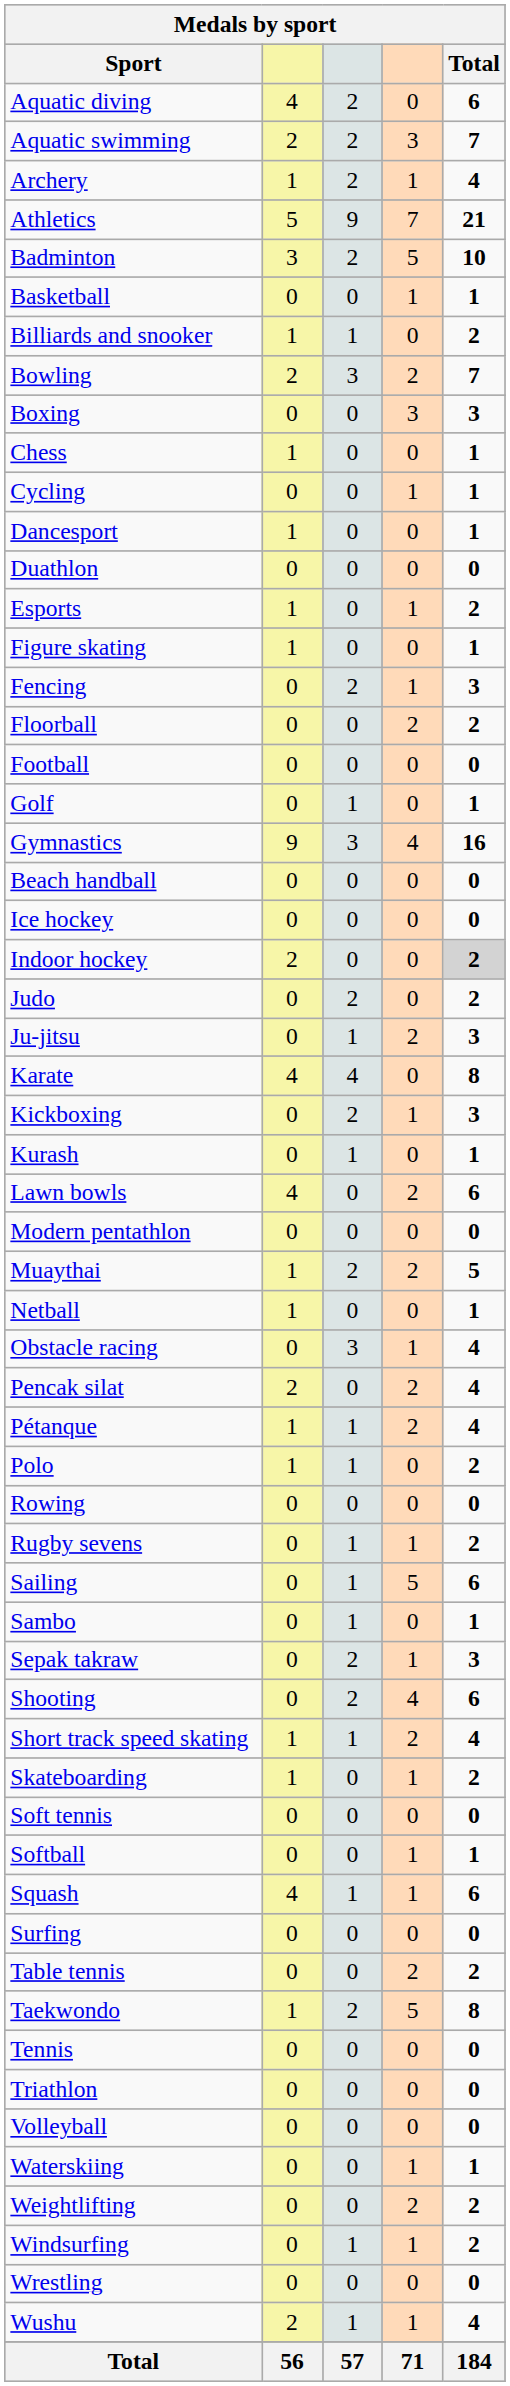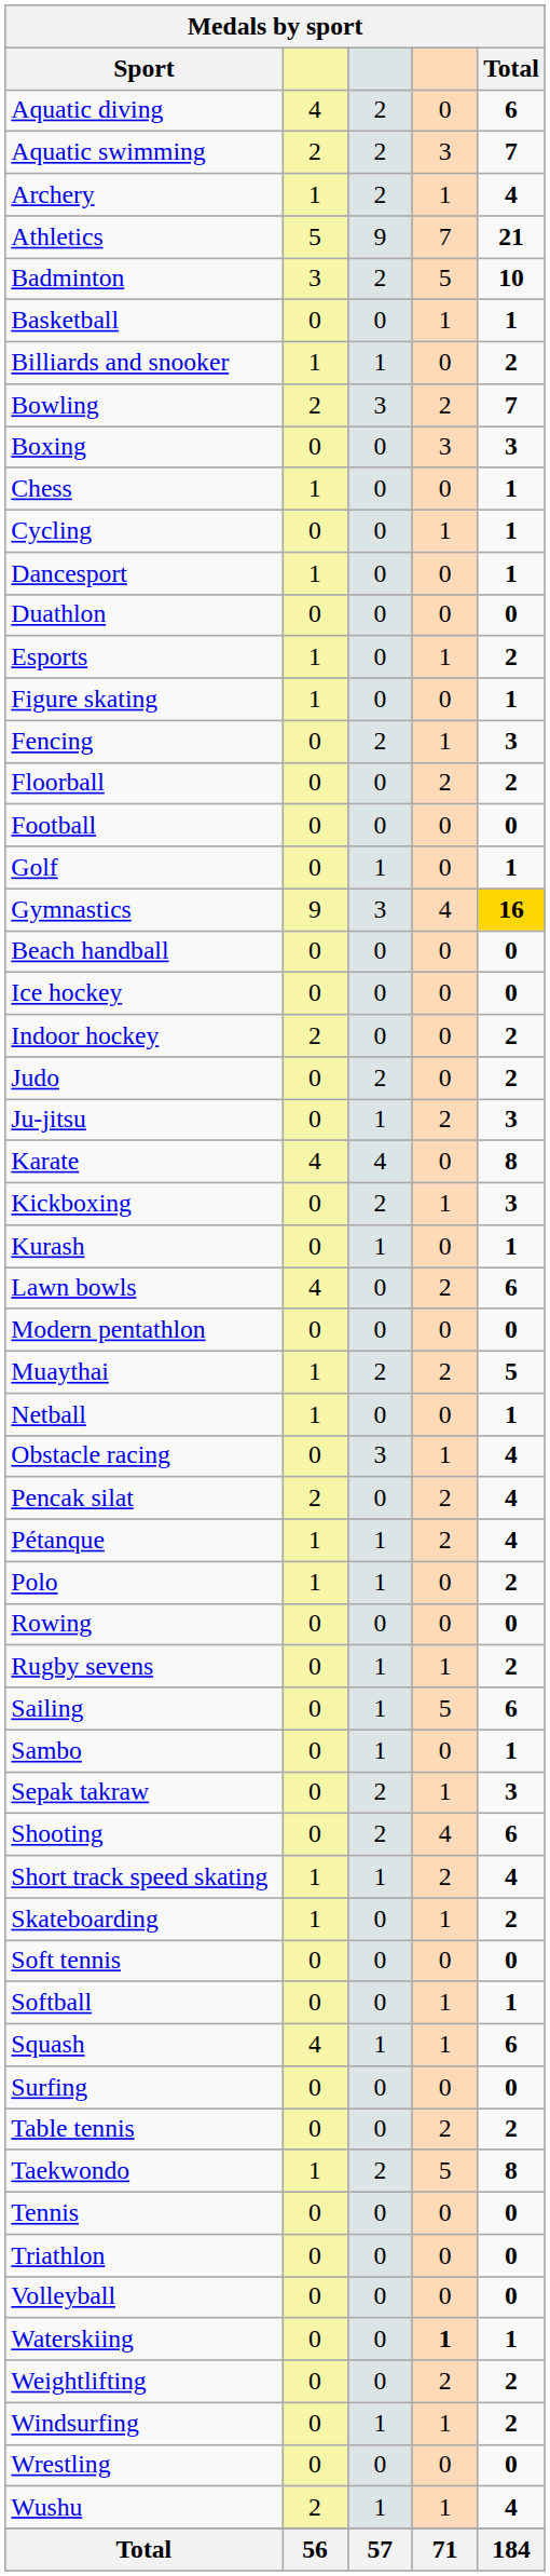 <table class="wikitable sortable" style="font-size:90%; text-align:center;">
 <tr>
 <th colspan=5>Medals by sport</th>
 </tr>
 <tr>
 <th width=150>Sport</th>
 <th scope="col" width=30 style="background:#F7F6A8;"></th>
 <th scope="col" width=30 style="background:#DCE5E5;"></th>
 <th scope="col" width=30 style="background:#FFDAB9;"></th>
 <th width=30>Total</th>
 </tr>
 <tr>
 <td align=left><a href='#'>Aquatic diving</a></td>
 <td style="background:#F7F6A8;">4</td>
 <td style="background:#DCE5E5;">2</td>
 <td style="background:#FFDAB9;">0</td>
 <td><strong>6</strong></td>
 </tr>
 <tr>
 <td align=left><a href='#'>Aquatic swimming</a></td>
 <td style="background:#F7F6A8;">2</td>
 <td style="background:#DCE5E5;">2</td>
 <td style="background:#FFDAB9;">3</td>
 <td><strong>7</strong></td>
 </tr>
 <tr>
 <td align=left><a href='#'>Archery</a></td>
 <td style="background:#F7F6A8;">1</td>
 <td style="background:#DCE5E5;">2</td>
 <td style="background:#FFDAB9;">1</td>
 <td><strong>4</strong></td>
 </tr>
 <tr>
 <td align=left><a href='#'>Athletics</a></td>
 <td style="background:#F7F6A8;">5</td>
 <td style="background:#DCE5E5;">9</td>
 <td style="background:#FFDAB9;">7</td>
 <td><strong>21</strong></td>
 </tr>
 <tr>
 <td align=left><a href='#'>Badminton</a></td>
 <td style="background:#F7F6A8;">3</td>
 <td style="background:#DCE5E5;">2</td>
 <td style="background:#FFDAB9;">5</td>
 <td><strong>10</strong></td>
 </tr>
 <tr>
 <td align=left><a href='#'>Basketball</a></td>
 <td style="background:#F7F6A8;">0</td>
 <td style="background:#DCE5E5;">0</td>
 <td style="background:#FFDAB9;">1</td>
 <td><strong>1</strong></td>
 </tr>
 <tr>
 <td align=left><a href='#'>Billiards and snooker</a></td>
 <td style="background:#F7F6A8;">1</td>
 <td style="background:#DCE5E5;">1</td>
 <td style="background:#FFDAB9;">0</td>
 <td><strong>2</strong></td>
 </tr>
 <tr>
 <td align=left><a href='#'>Bowling</a></td>
 <td style="background:#F7F6A8;">2</td>
 <td style="background:#DCE5E5;">3</td>
 <td style="background:#FFDAB9;">2</td>
 <td><strong>7</strong></td>
 </tr>
 <tr>
 <td align=left><a href='#'>Boxing</a></td>
 <td style="background:#F7F6A8;">0</td>
 <td style="background:#DCE5E5;">0</td>
 <td style="background:#FFDAB9;">3</td>
 <td><strong>3</strong></td>
 </tr>
 <tr>
 <td align=left><a href='#'>Chess</a></td>
 <td style="background:#F7F6A8;">1</td>
 <td style="background:#DCE5E5;">0</td>
 <td style="background:#FFDAB9;">0</td>
 <td><strong>1</strong></td>
 </tr>
 <tr>
 <td align=left><a href='#'>Cycling</a></td>
 <td style="background:#F7F6A8;">0</td>
 <td style="background:#DCE5E5;">0</td>
 <td style="background:#FFDAB9;">1</td>
 <td><strong>1</strong></td>
 </tr>
 <tr>
 <td align=left><a href='#'>Dancesport</a></td>
 <td style="background:#F7F6A8;">1</td>
 <td style="background:#DCE5E5;">0</td>
 <td style="background:#FFDAB9;">0</td>
 <td><strong>1</strong></td>
 </tr>
 <tr>
 <td align=left><a href='#'>Duathlon</a></td>
 <td style="background:#F7F6A8;">0</td>
 <td style="background:#DCE5E5;">0</td>
 <td style="background:#FFDAB9;">0</td>
 <td><strong>0</strong></td>
 </tr>
 <tr>
 <td align=left><a href='#'>Esports</a></td>
 <td style="background:#F7F6A8;">1</td>
 <td style="background:#DCE5E5;">0</td>
 <td style="background:#FFDAB9;">1</td>
 <td><strong>2</strong></td>
 </tr>
 <tr>
 <td align=left><a href='#'>Figure skating</a></td>
 <td style="background:#F7F6A8;">1</td>
 <td style="background:#DCE5E5;">0</td>
 <td style="background:#FFDAB9;">0</td>
 <td><strong>1</strong></td>
 </tr>
 <tr>
 <td align=left><a href='#'>Fencing</a></td>
 <td style="background:#F7F6A8;">0</td>
 <td style="background:#DCE5E5;">2</td>
 <td style="background:#FFDAB9;">1</td>
 <td><strong>3</strong></td>
 </tr>
 <tr>
 <td align=left><a href='#'>Floorball</a></td>
 <td style="background:#F7F6A8;">0</td>
 <td style="background:#DCE5E5;">0</td>
 <td style="background:#FFDAB9;">2</td>
 <td><strong>2</strong></td>
 </tr>
 <tr>
 <td align=left><a href='#'>Football</a></td>
 <td style="background:#F7F6A8;">0</td>
 <td style="background:#DCE5E5;">0</td>
 <td style="background:#FFDAB9;">0</td>
 <td><strong>0</strong></td>
 </tr>
 <tr>
 <td align=left><a href='#'>Golf</a></td>
 <td style="background:#F7F6A8;">0</td>
 <td style="background:#DCE5E5;">1</td>
 <td style="background:#FFDAB9;">0</td>
 <td><strong>1</strong></td>
 </tr>
 <tr>
 <td align=left><a href='#'>Gymnastics</a></td>
 <td style="background:#F7F6A8;">9</td>
 <td style="background:#DCE5E5;">3</td>
 <td style="background:#FFDAB9;">4</td>
-<td><strong>16</strong></td>
+<td style="background: gold;"><strong>16</strong></td>
 </tr>
 <tr>
 <td align=left><a href='#'>Beach handball</a></td>
 <td style="background:#F7F6A8;">0</td>
 <td style="background:#DCE5E5;">0</td>
 <td style="background:#FFDAB9;">0</td>
 <td><strong>0</strong></td>
 </tr>
 <tr>
 <td align=left><a href='#'>Ice hockey</a></td>
 <td style="background:#F7F6A8;">0</td>
 <td style="background:#DCE5E5;">0</td>
 <td style="background:#FFDAB9;">0</td>
 <td><strong>0</strong></td>
 </tr>
 <tr>
 <td align=left><a href='#'>Indoor hockey</a></td>
 <td style="background:#F7F6A8;">2</td>
 <td style="background:#DCE5E5;">0</td>
 <td style="background:#FFDAB9;">0</td>
-<td style="background: lightgrey;"><strong>2</strong></td>
+<td><strong>2</strong></td>
 </tr>
 <tr>
 <td align=left><a href='#'>Judo</a></td>
 <td style="background:#F7F6A8;">0</td>
 <td style="background:#DCE5E5;">2</td>
 <td style="background:#FFDAB9;">0</td>
 <td><strong>2</strong></td>
 </tr>
 <tr>
 <td align=left><a href='#'>Ju-jitsu</a></td>
 <td style="background:#F7F6A8;">0</td>
 <td style="background:#DCE5E5;">1</td>
 <td style="background:#FFDAB9;">2</td>
 <td><strong>3</strong></td>
 </tr>
 <tr>
 <td align=left><a href='#'>Karate</a></td>
 <td style="background:#F7F6A8;">4</td>
 <td style="background:#DCE5E5;">4</td>
 <td style="background:#FFDAB9;">0</td>
 <td><strong>8</strong></td>
 </tr>
 <tr>
 <td align=left><a href='#'>Kickboxing</a></td>
 <td style="background:#F7F6A8;">0</td>
 <td style="background:#DCE5E5;">2</td>
 <td style="background:#FFDAB9;">1</td>
 <td><strong>3</strong></td>
 </tr>
 <tr>
 <td align=left><a href='#'>Kurash</a></td>
 <td style="background:#F7F6A8;">0</td>
 <td style="background:#DCE5E5;">1</td>
 <td style="background:#FFDAB9;">0</td>
 <td><strong>1</strong></td>
 </tr>
 <tr>
 <td align=left><a href='#'>Lawn bowls</a></td>
 <td style="background:#F7F6A8;">4</td>
 <td style="background:#DCE5E5;">0</td>
 <td style="background:#FFDAB9;">2</td>
 <td><strong>6</strong></td>
 </tr>
 <tr>
 <td align=left><a href='#'>Modern pentathlon</a></td>
 <td style="background:#F7F6A8;">0</td>
 <td style="background:#DCE5E5;">0</td>
 <td style="background:#FFDAB9;">0</td>
 <td><strong>0</strong></td>
 </tr>
 <tr>
 <td align=left><a href='#'>Muaythai</a></td>
 <td style="background:#F7F6A8;">1</td>
 <td style="background:#DCE5E5;">2</td>
 <td style="background:#FFDAB9;">2</td>
 <td><strong>5</strong></td>
 </tr>
 <tr>
 <td align=left><a href='#'>Netball</a></td>
 <td style="background:#F7F6A8;">1</td>
 <td style="background:#DCE5E5;">0</td>
 <td style="background:#FFDAB9;">0</td>
 <td><strong>1</strong></td>
 </tr>
 <tr>
 <td align=left><a href='#'>Obstacle racing</a></td>
 <td style="background:#F7F6A8;">0</td>
 <td style="background:#DCE5E5;">3</td>
 <td style="background:#FFDAB9;">1</td>
 <td><strong>4</strong></td>
 </tr>
 <tr>
 <td align=left><a href='#'>Pencak silat</a></td>
 <td style="background:#F7F6A8;">2</td>
 <td style="background:#DCE5E5;">0</td>
 <td style="background:#FFDAB9;">2</td>
 <td><strong>4</strong></td>
 </tr>
 <tr>
 <td align=left><a href='#'>Pétanque</a></td>
 <td style="background:#F7F6A8;">1</td>
 <td style="background:#DCE5E5;">1</td>
 <td style="background:#FFDAB9;">2</td>
 <td><strong>4</strong></td>
 </tr>
 <tr>
 <td align=left><a href='#'>Polo</a></td>
 <td style="background:#F7F6A8;">1</td>
 <td style="background:#DCE5E5;">1</td>
 <td style="background:#FFDAB9;">0</td>
 <td><strong>2</strong></td>
 </tr>
 <tr>
 <td align=left><a href='#'>Rowing</a></td>
 <td style="background:#F7F6A8;">0</td>
 <td style="background:#DCE5E5;">0</td>
 <td style="background:#FFDAB9;">0</td>
 <td><strong>0</strong></td>
 </tr>
 <tr>
 <td align=left><a href='#'>Rugby sevens</a></td>
 <td style="background:#F7F6A8;">0</td>
 <td style="background:#DCE5E5;">1</td>
 <td style="background:#FFDAB9;">1</td>
 <td><strong>2</strong></td>
 </tr>
 <tr>
 <td align=left><a href='#'>Sailing</a></td>
 <td style="background:#F7F6A8;">0</td>
 <td style="background:#DCE5E5;">1</td>
 <td style="background:#FFDAB9;">5</td>
 <td><strong>6</strong></td>
 </tr>
 <tr>
 <td align=left><a href='#'>Sambo</a></td>
 <td style="background:#F7F6A8;">0</td>
 <td style="background:#DCE5E5;">1</td>
 <td style="background:#FFDAB9;">0</td>
 <td><strong>1</strong></td>
 </tr>
 <tr>
 <td align=left><a href='#'>Sepak takraw</a></td>
 <td style="background:#F7F6A8;">0</td>
 <td style="background:#DCE5E5;">2</td>
 <td style="background:#FFDAB9;">1</td>
 <td><strong>3</strong></td>
 </tr>
 <tr>
 <td align=left><a href='#'>Shooting</a></td>
 <td style="background:#F7F6A8;">0</td>
 <td style="background:#DCE5E5;">2</td>
 <td style="background:#FFDAB9;">4</td>
 <td><strong>6</strong></td>
 </tr>
 <tr>
 <td align=left><a href='#'>Short track speed skating</a></td>
 <td style="background:#F7F6A8;">1</td>
 <td style="background:#DCE5E5;">1</td>
 <td style="background:#FFDAB9;">2</td>
 <td><strong>4</strong></td>
 </tr>
 <tr>
 <td align=left><a href='#'>Skateboarding</a></td>
 <td style="background:#F7F6A8;">1</td>
 <td style="background:#DCE5E5;">0</td>
 <td style="background:#FFDAB9;">1</td>
 <td><strong>2</strong></td>
 </tr>
 <tr>
 <td align=left><a href='#'>Soft tennis</a></td>
 <td style="background:#F7F6A8;">0</td>
 <td style="background:#DCE5E5;">0</td>
 <td style="background:#FFDAB9;">0</td>
 <td><strong>0</strong></td>
 </tr>
 <tr>
 <td align=left><a href='#'>Softball</a></td>
 <td style="background:#F7F6A8;">0</td>
 <td style="background:#DCE5E5;">0</td>
 <td style="background:#FFDAB9;">1</td>
 <td><strong>1</strong></td>
 </tr>
 <tr>
 <td align=left><a href='#'>Squash</a></td>
 <td style="background:#F7F6A8;">4</td>
 <td style="background:#DCE5E5;">1</td>
 <td style="background:#FFDAB9;">1</td>
 <td><strong>6</strong></td>
 </tr>
 <tr>
 <td align=left><a href='#'>Surfing</a></td>
 <td style="background:#F7F6A8;">0</td>
 <td style="background:#DCE5E5;">0</td>
 <td style="background:#FFDAB9;">0</td>
 <td><strong>0</strong></td>
 </tr>
 <tr>
 <td align=left><a href='#'>Table tennis</a></td>
 <td style="background:#F7F6A8;">0</td>
 <td style="background:#DCE5E5;">0</td>
 <td style="background:#FFDAB9;">2</td>
 <td><strong>2</strong></td>
 </tr>
 <tr>
 <td align=left><a href='#'>Taekwondo</a></td>
 <td style="background:#F7F6A8;">1</td>
 <td style="background:#DCE5E5;">2</td>
 <td style="background:#FFDAB9;">5</td>
 <td><strong>8</strong></td>
 </tr>
 <tr>
 <td align=left><a href='#'>Tennis</a></td>
 <td style="background:#F7F6A8;">0</td>
 <td style="background:#DCE5E5;">0</td>
 <td style="background:#FFDAB9;">0</td>
 <td><strong>0</strong></td>
 </tr>
 <tr>
 <td align=left><a href='#'>Triathlon</a></td>
 <td style="background:#F7F6A8;">0</td>
 <td style="background:#DCE5E5;">0</td>
 <td style="background:#FFDAB9;">0</td>
 <td><strong>0</strong></td>
 </tr>
 <tr>
 <td align=left><a href='#'>Volleyball</a></td>
 <td style="background:#F7F6A8;">0</td>
 <td style="background:#DCE5E5;">0</td>
 <td style="background:#FFDAB9;">0</td>
 <td><strong>0</strong></td>
 </tr>
 <tr>
 <td align=left><a href='#'>Waterskiing</a></td>
 <td style="background:#F7F6A8;">0</td>
 <td style="background:#DCE5E5;">0</td>
-<td style="background:#FFDAB9;">1</td>
+<td style="background:#FFDAB9;"><strong>1</strong></td>
 <td><strong>1</strong></td>
 </tr>
 <tr>
 <td align=left><a href='#'>Weightlifting</a></td>
 <td style="background:#F7F6A8;">0</td>
 <td style="background:#DCE5E5;">0</td>
 <td style="background:#FFDAB9;">2</td>
 <td><strong>2</strong></td>
 </tr>
 <tr>
 <td align=left><a href='#'>Windsurfing</a></td>
 <td style="background:#F7F6A8;">0</td>
 <td style="background:#DCE5E5;">1</td>
 <td style="background:#FFDAB9;">1</td>
 <td><strong>2</strong></td>
 </tr>
 <tr>
 <td align=left><a href='#'>Wrestling</a></td>
 <td style="background:#F7F6A8;">0</td>
 <td style="background:#DCE5E5;">0</td>
 <td style="background:#FFDAB9;">0</td>
 <td><strong>0</strong></td>
 </tr>
 <tr>
 <td align=left><a href='#'>Wushu</a></td>
 <td style="background:#F7F6A8;">2</td>
 <td style="background:#DCE5E5;">1</td>
 <td style="background:#FFDAB9;">1</td>
 <td><strong>4</strong></td>
 </tr>
 <tr>
 </tr>
 <tr class="sortbottom">
 <th>Total</th>
 <th>56</th>
 <th>57</th>
 <th>71</th>
 <th>184</th>
 </tr>
 </table>
